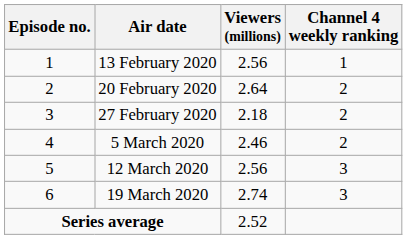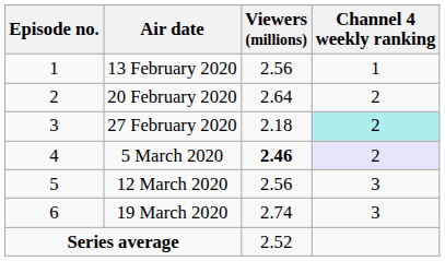 <table class="wikitable" style="text-align:center;">
 <tr>
 <th>Episode no.</th>
 <th>Air date</th>
 <th>Viewers<br><small>(millions)</small></th>
 <th>Channel 4<br>weekly ranking</th>
 </tr>
 <tr>
 <td>1</td>
 <td>13 February 2020</td>
 <td>2.56</td>
 <td>1</td>
 </tr>
 <tr>
 <td>2</td>
 <td>20 February 2020</td>
 <td>2.64</td>
 <td>2</td>
 </tr>
 <tr>
 <td>3</td>
 <td>27 February 2020</td>
 <td>2.18</td>
-<td>2</td>
+<td style="background: paleturquoise;">2</td>
 </tr>
 <tr>
 <td>4</td>
 <td>5 March 2020</td>
-<td>2.46</td>
-<td>2</td>
+<td><strong>2.46</strong></td>
+<td style="background: lavender;">2</td>
 </tr>
 <tr>
 <td>5</td>
 <td>12 March 2020</td>
 <td>2.56</td>
 <td>3</td>
 </tr>
 <tr>
 <td>6</td>
 <td>19 March 2020</td>
 <td>2.74</td>
 <td>3</td>
 </tr>
 <tr>
 <td colspan="2"><strong>Series average</strong></td>
 <td>2.52</td>
 <td></td>
 </tr>
 </table>
